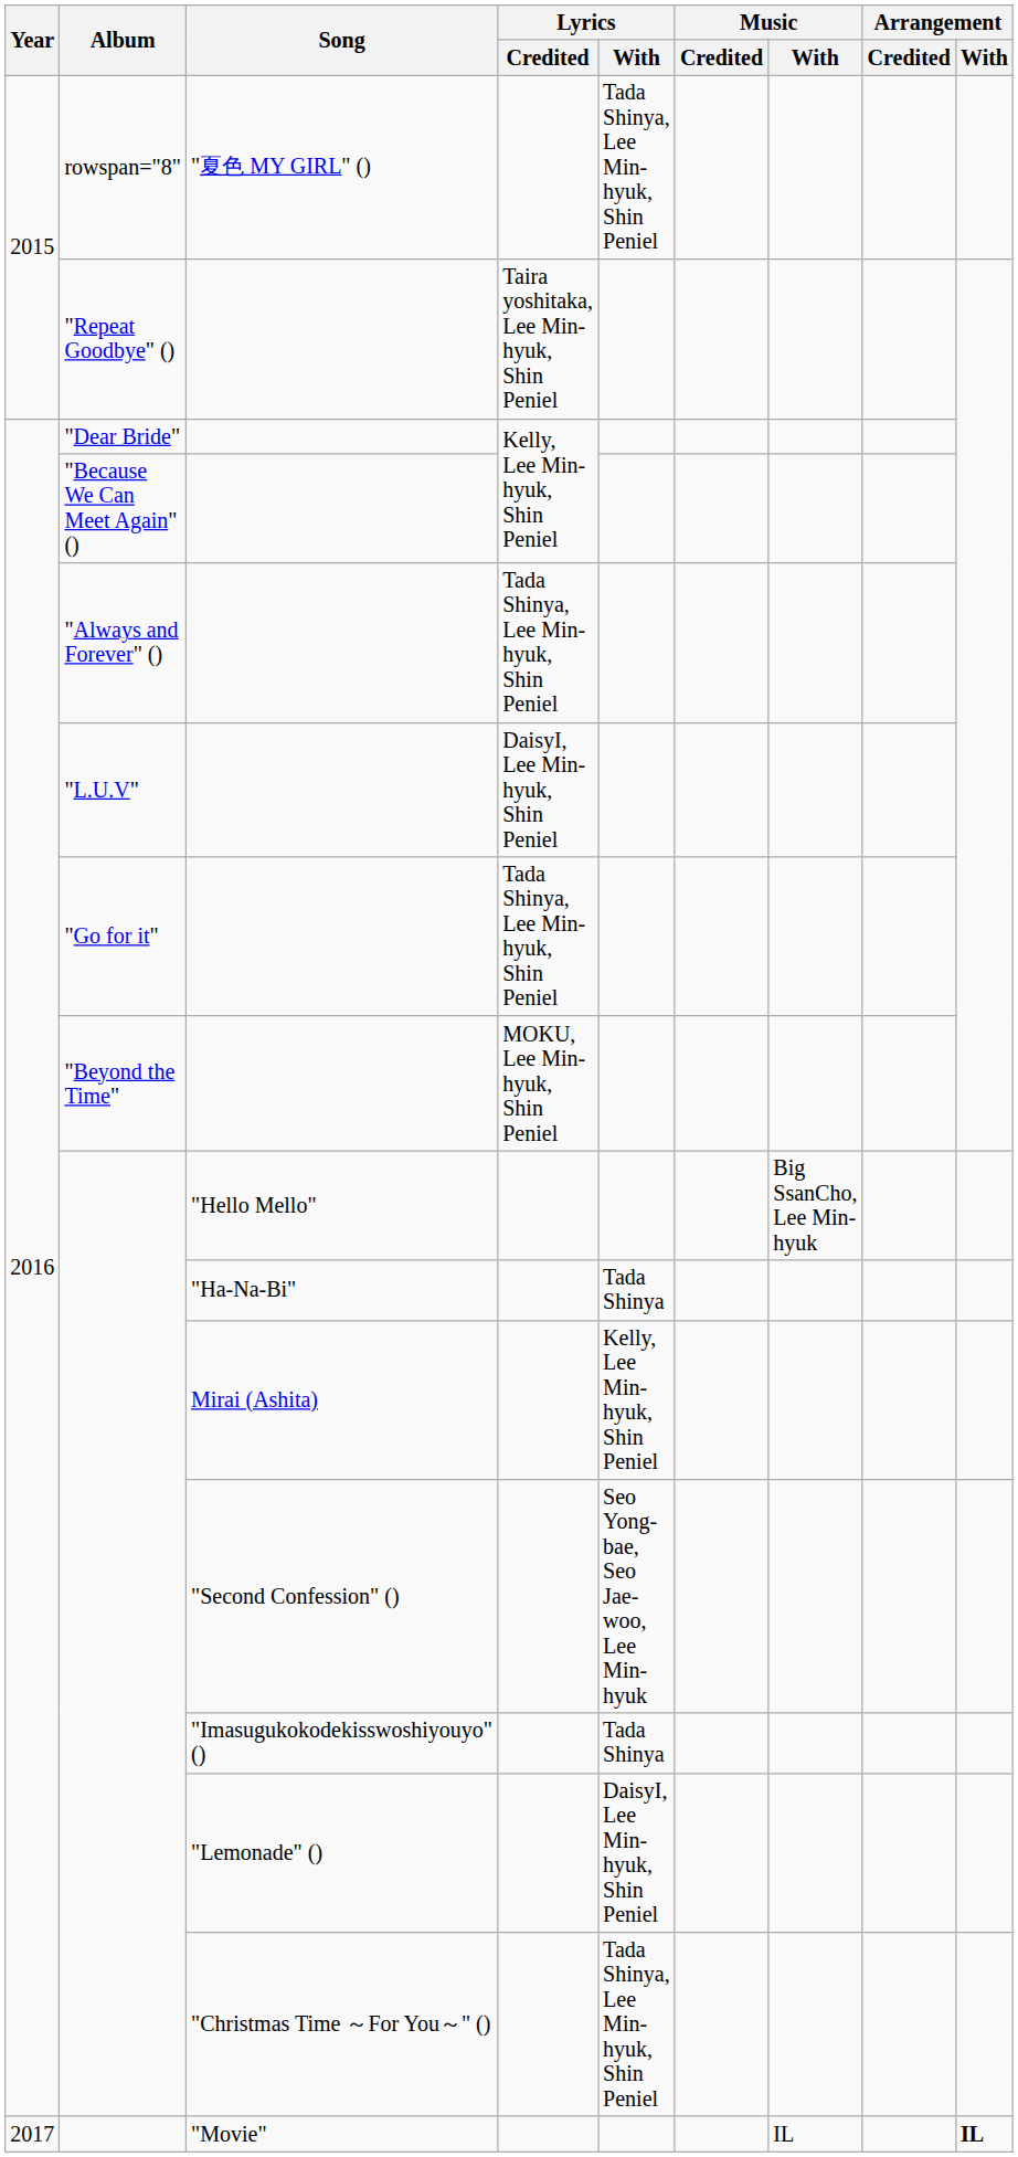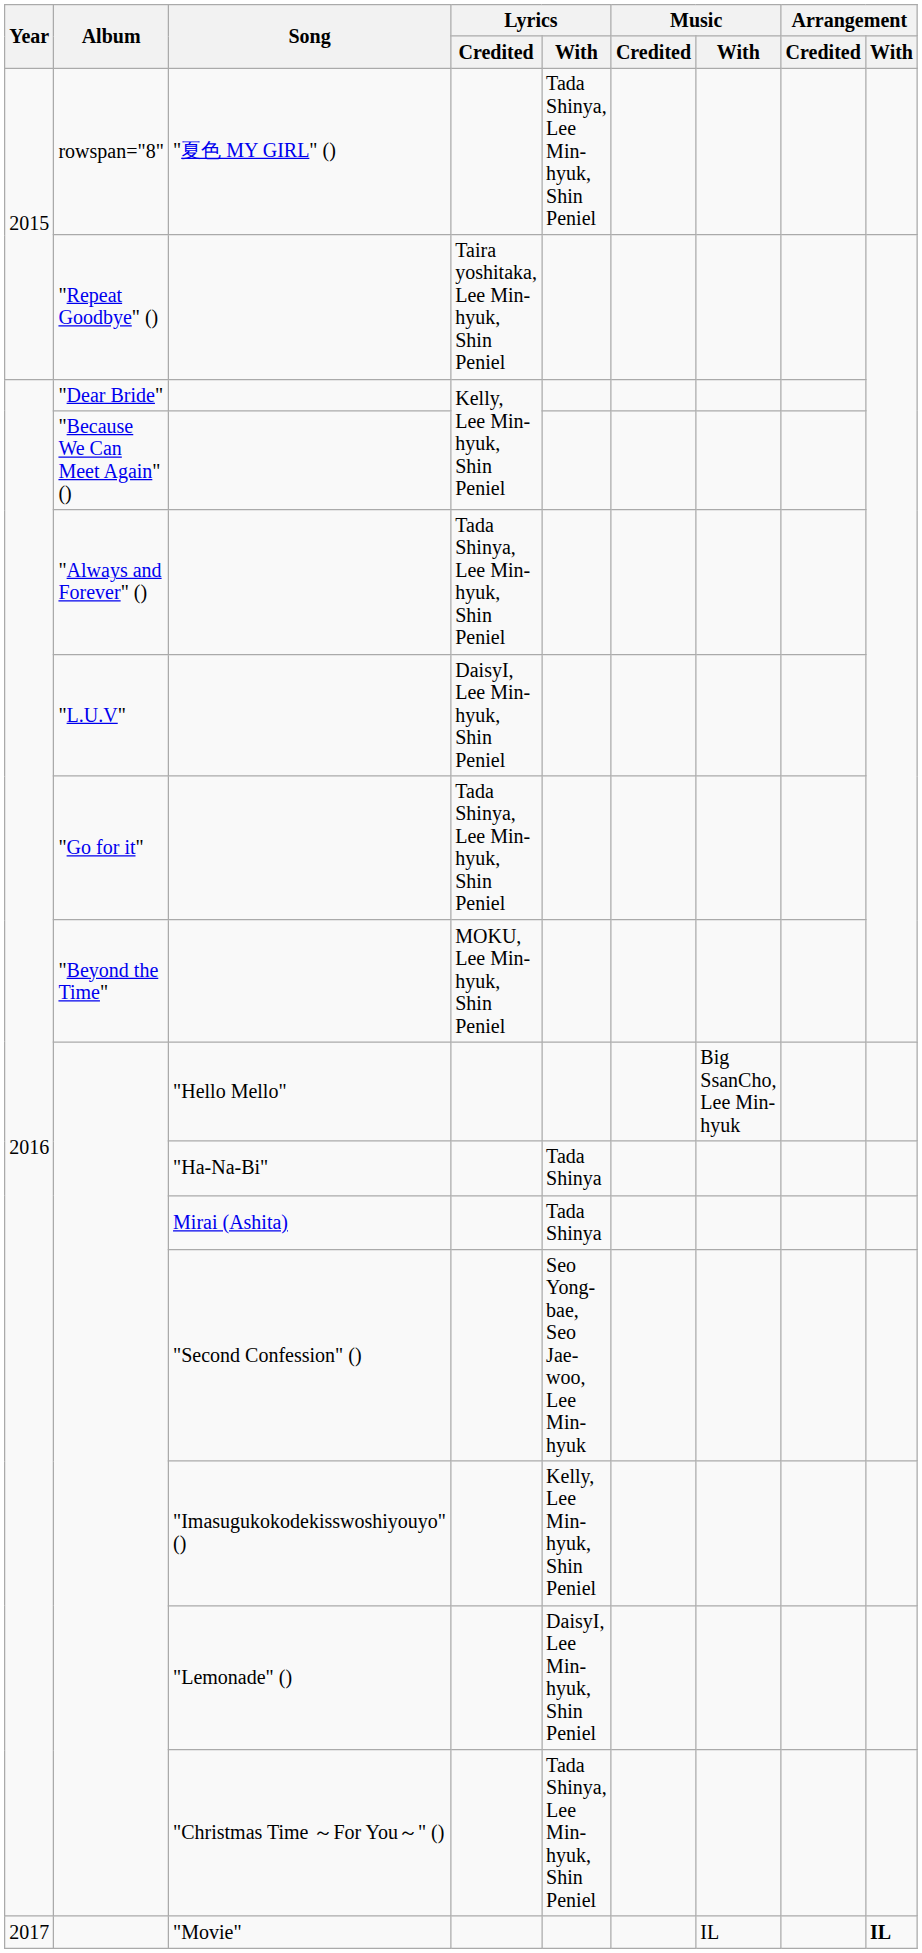 <table class="wikitable">
 <tr>
 <th rowspan="2">Year</th>
 <th rowspan="2">Album</th>
 <th rowspan="2">Song</th>
 <th colspan="2">Lyrics</th>
 <th colspan="2">Music</th>
 <th colspan="2">Arrangement</th>
 </tr>
 <tr>
 <th>Credited</th>
 <th>With</th>
 <th>Credited</th>
 <th>With</th>
 <th>Credited</th>
 <th>With</th>
 </tr>
 <tr>
 <td rowspan="2">2015</td>
 <td>rowspan="8" </td>
 <td>"<a href='#'>夏色 MY GIRL</a>" ()</td>
 <td></td>
 <td>Tada Shinya,  Lee Min-hyuk, Shin Peniel</td>
 <td></td>
 <td></td>
 <td></td>
 <td></td>
 </tr>
 <tr>
 <td>"<a href='#'>Repeat Goodbye</a>" ()</td>
 <td></td>
 <td>Taira yoshitaka, Lee Min-hyuk, Shin Peniel</td>
 <td></td>
 <td></td>
 <td></td>
 <td></td>
 </tr>
 <tr>
 <td rowspan="13">2016</td>
 <td>"<a href='#'>Dear Bride</a>"</td>
 <td></td>
 <td rowspan="2">Kelly, Lee Min-hyuk, Shin Peniel</td>
 <td></td>
 <td></td>
 <td></td>
 <td></td>
 </tr>
 <tr>
 <td>"<a href='#'>Because We Can Meet Again</a>" ()</td>
 <td></td>
 <td></td>
 <td></td>
 <td></td>
 <td></td>
 </tr>
 <tr>
 <td>"<a href='#'>Always and Forever</a>" ()</td>
 <td></td>
 <td>Tada Shinya,  Lee Min-hyuk, Shin Peniel</td>
 <td></td>
 <td></td>
 <td></td>
 <td></td>
 </tr>
 <tr>
 <td>"<a href='#'>L.U.V</a>"</td>
 <td></td>
 <td>DaisyI, Lee Min-hyuk, Shin Peniel</td>
 <td></td>
 <td></td>
 <td></td>
 <td></td>
 </tr>
 <tr>
 <td>"<a href='#'>Go for it</a>"</td>
 <td></td>
 <td>Tada Shinya, Lee Min-hyuk, Shin Peniel</td>
 <td></td>
 <td></td>
 <td></td>
 <td></td>
 </tr>
 <tr>
 <td>"<a href='#'>Beyond the Time</a>"</td>
 <td></td>
 <td>MOKU, Lee Min-hyuk, Shin Peniel</td>
 <td></td>
 <td></td>
 <td></td>
 <td></td>
 </tr>
 <tr>
 <td rowspan="7"></td>
 <td>"Hello Mello"</td>
 <td></td>
 <td></td>
 <td></td>
 <td>Big SsanCho, Lee Min-hyuk</td>
 <td></td>
 <td></td>
 </tr>
 <tr>
 <td>"Ha-Na-Bi"</td>
 <td></td>
 <td>Tada Shinya</td>
 <td></td>
 <td></td>
 <td></td>
 <td></td>
 </tr>
 <tr>
 <td><a href='#'>Mirai (Ashita)</a></td>
 <td></td>
-<td>Kelly, Lee Min-hyuk, Shin Peniel</td>
+<td>Tada Shinya</td>
 <td></td>
 <td></td>
 <td></td>
 <td></td>
 </tr>
 <tr>
 <td>"Second Confession" ()</td>
 <td></td>
 <td>Seo Yong-bae, Seo Jae-woo, Lee Min-hyuk</td>
 <td></td>
 <td></td>
 <td></td>
 <td></td>
 </tr>
 <tr>
 <td>"Imasugukokodekisswoshiyouyo" ()</td>
 <td></td>
-<td>Tada Shinya</td>
+<td>Kelly, Lee Min-hyuk, Shin Peniel</td>
 <td></td>
 <td></td>
 <td></td>
 <td></td>
 </tr>
 <tr>
 <td>"Lemonade" ()</td>
 <td></td>
 <td>DaisyI,  Lee Min-hyuk, Shin Peniel</td>
 <td></td>
 <td></td>
 <td></td>
 <td></td>
 </tr>
 <tr>
 <td>"Christmas Time ～For You～" ()</td>
 <td></td>
 <td>Tada Shinya, Lee Min-hyuk, Shin Peniel</td>
 <td></td>
 <td></td>
 <td></td>
 <td></td>
 </tr>
 <tr>
 <td>2017</td>
 <td></td>
 <td>"Movie"</td>
 <td></td>
 <td></td>
 <td></td>
 <td>IL</td>
 <td></td>
 <td><strong>IL</strong></td>
 </tr>
 </table>
